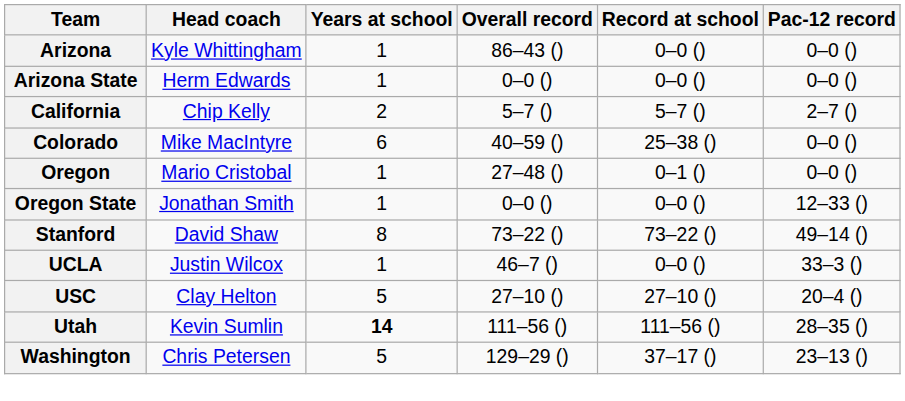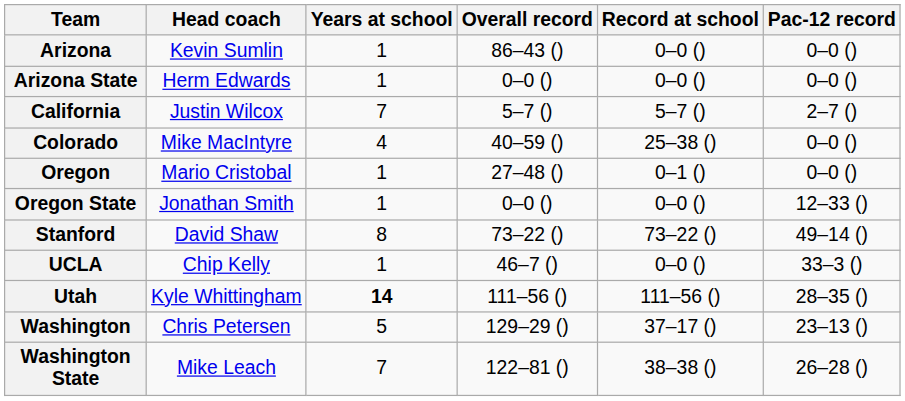 <table class="wikitable sortable" style="text-align: center;">
 <tr>
 <th style="width:110px;">Team</th>
 <th>Head coach</th>
 <th>Years at school</th>
 <th>Overall record</th>
 <th>Record at school</th>
 <th>Pac-12 record</th>
 </tr>
 <tr>
 <th>Arizona</th>
-<td><a href='#'>Kyle Whittingham</a></td>
+<td><a href='#'>Kevin Sumlin</a></td>
 <td>1</td>
 <td>86–43 ()</td>
 <td>0–0 ()</td>
 <td>0–0 ()</td>
 </tr>
 <tr>
 <th>Arizona State</th>
 <td><a href='#'>Herm Edwards</a></td>
 <td>1</td>
 <td>0–0 ()</td>
 <td>0–0 ()</td>
 <td>0–0 ()</td>
 </tr>
 <tr>
 <th>California</th>
-<td><a href='#'>Chip Kelly</a></td>
-<td>2</td>
+<td><a href='#'>Justin Wilcox</a></td>
+<td>7</td>
 <td>5–7 ()</td>
 <td>5–7 ()</td>
 <td>2–7 ()</td>
 </tr>
 <tr>
 <th>Colorado</th>
 <td><a href='#'>Mike MacIntyre</a></td>
-<td>6</td>
+<td>4</td>
 <td>40–59 ()</td>
 <td>25–38 ()</td>
 <td>0–0 ()</td>
 </tr>
 <tr>
 <th>Oregon</th>
 <td><a href='#'>Mario Cristobal</a></td>
 <td>1</td>
 <td>27–48 ()</td>
 <td>0–1 ()</td>
 <td>0–0 ()</td>
 </tr>
 <tr>
 <th>Oregon State</th>
 <td><a href='#'>Jonathan Smith</a></td>
 <td>1</td>
 <td>0–0 ()</td>
 <td>0–0 ()</td>
 <td>12–33 ()</td>
 </tr>
 <tr>
 <th>Stanford</th>
 <td><a href='#'>David Shaw</a></td>
 <td>8</td>
 <td>73–22 ()</td>
 <td>73–22 ()</td>
 <td>49–14 ()</td>
 </tr>
 <tr>
 <th>UCLA</th>
-<td><a href='#'>Justin Wilcox</a></td>
+<td><a href='#'>Chip Kelly</a></td>
 <td>1</td>
 <td>46–7 ()</td>
 <td>0–0 ()</td>
 <td>33–3 ()</td>
 </tr>
 <tr>
-<th>USC</th>
-<td><a href='#'>Clay Helton</a></td>
-<td>5</td>
-<td>27–10 ()</td>
-<td>27–10 ()</td>
-<td>20–4 ()</td>
-</tr>
-<tr>
 <th>Utah</th>
-<td><a href='#'>Kevin Sumlin</a></td>
+<td><a href='#'>Kyle Whittingham</a></td>
 <td><strong>14</strong></td>
 <td>111–56 ()</td>
 <td>111–56 ()</td>
 <td>28–35 ()</td>
 </tr>
 <tr>
 <th>Washington</th>
 <td><a href='#'>Chris Petersen</a></td>
 <td>5</td>
 <td>129–29 ()</td>
 <td>37–17 ()</td>
 <td>23–13 ()</td>
 </tr>
+<tr>
+<th>Washington State</th>
+<td><a href='#'>Mike Leach</a></td>
+<td>7</td>
+<td>122–81 ()</td>
+<td>38–38 ()</td>
+<td>26–28 ()</td>
+</tr>
 </table>
